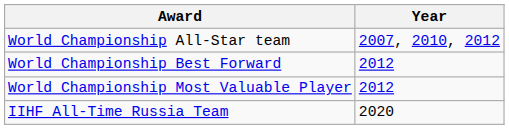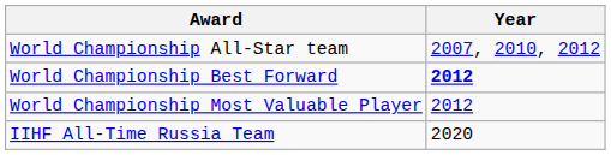 <table class="wikitable">
 <tr>
 <th scope="col">Award</th>
 <th scope="col">Year</th>
 </tr>
 <tr>
 <td><a href='#'>World Championship</a> All-Star team</td>
 <td><a href='#'>2007</a>, <a href='#'>2010</a>, <a href='#'>2012</a></td>
 </tr>
 <tr>
 <td><a href='#'>World Championship Best Forward</a></td>
-<td><a href='#'>2012</a></td>
+<td><strong><a href='#'>2012</a></strong></td>
 </tr>
 <tr>
 <td><a href='#'>World Championship Most Valuable Player</a></td>
 <td><a href='#'>2012</a></td>
 </tr>
 <tr>
 <td><a href='#'>IIHF All-Time Russia Team</a></td>
 <td>2020</td>
 </tr>
 </table>
